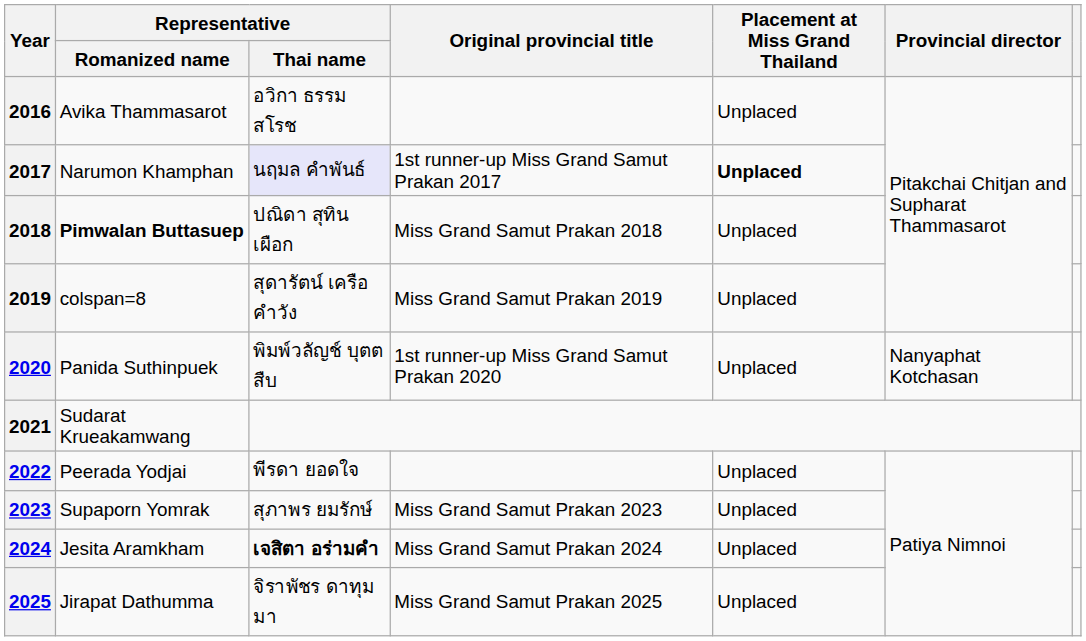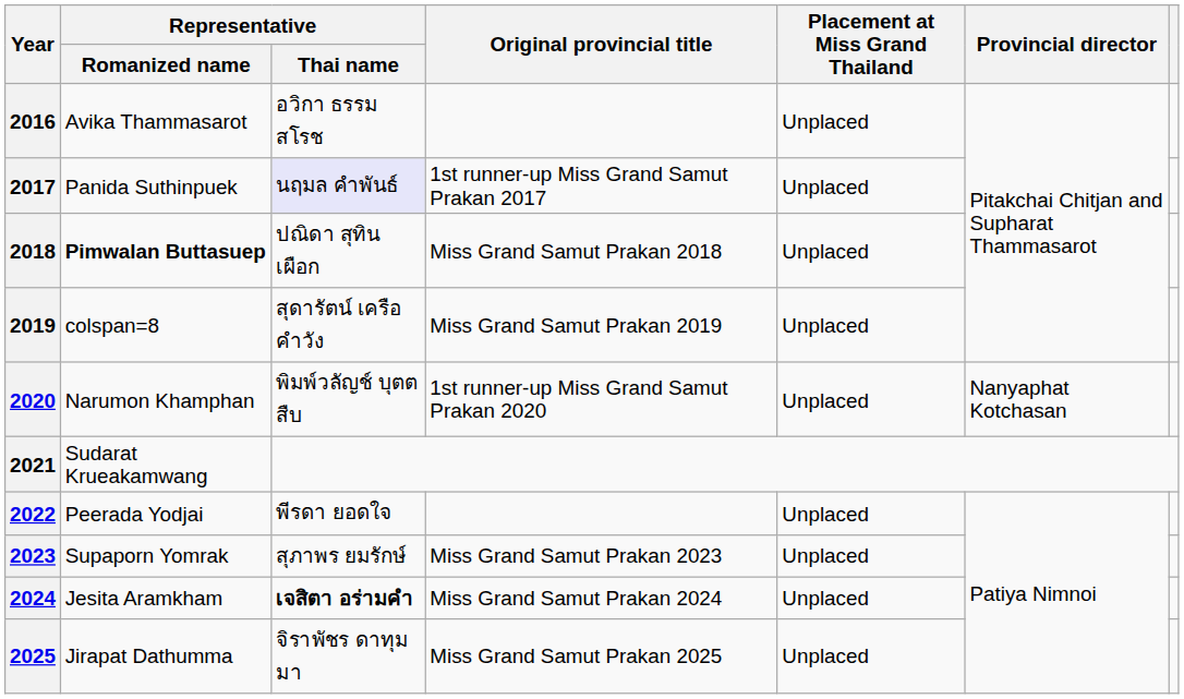 <table class="wikitable defaultcenter col2left col3left col6left" style="font-size:95%;">
 <tr>
 <th rowspan=2>Year</th>
 <th colspan=2>Representative</th>
 <th rowspan=2>Original provincial title</th>
 <th rowspan=2>Placement at<br>Miss Grand Thailand</th>
 <th rowspan=2>Provincial director</th>
 <th rowspan=2></th>
 </tr>
 <tr>
 <th>Romanized name</th>
 <th>Thai name</th>
 </tr>
 <tr>
 <th>2016</th>
 <td>Avika Thammasarot</td>
 <td>อวิกา ธรรมสโรช</td>
 <td></td>
 <td>Unplaced</td>
 <td rowspan=4>Pitakchai Chitjan and <br>Supharat Thammasarot</td>
 <td></td>
 </tr>
 <tr>
 <th>2017</th>
-<td>Narumon Khamphan</td>
+<td>Panida Suthinpuek</td>
 <td style="background: lavender;">นฤมล คำพันธ์</td>
 <td>1st runner-up Miss Grand Samut Prakan 2017</td>
-<td><strong>Unplaced</strong></td>
+<td>Unplaced</td>
 <td></td>
 </tr>
 <tr>
 <th>2018</th>
 <td><strong>Pimwalan Buttasuep</strong></td>
 <td>ปณิดา สุทินเผือก</td>
 <td>Miss Grand Samut Prakan 2018</td>
 <td>Unplaced</td>
 <td></td>
 </tr>
 <tr>
 <th>2019</th>
 <td>colspan=8 </td>
 <td>สุดารัตน์ เครือคำวัง</td>
 <td>Miss Grand Samut Prakan 2019</td>
 <td>Unplaced</td>
 <td></td>
 </tr>
 <tr>
 <th><a href='#'>2020</a></th>
-<td>Panida Suthinpuek</td>
+<td>Narumon Khamphan</td>
 <td>พิมพ์วลัญช์ บุตตสืบ</td>
 <td>1st runner-up Miss Grand Samut Prakan 2020</td>
 <td>Unplaced</td>
 <td>Nanyaphat Kotchasan</td>
 <td></td>
 </tr>
 <tr>
 <th>2021</th>
 <td>Sudarat Krueakamwang</td>
 </tr>
 <tr>
 <th><a href='#'>2022</a></th>
 <td>Peerada Yodjai</td>
 <td>พีรดา ยอดใจ</td>
 <td></td>
 <td>Unplaced</td>
 <td rowspan=4>Patiya Nimnoi</td>
 <td></td>
 </tr>
 <tr>
 <th><a href='#'>2023</a></th>
 <td>Supaporn Yomrak</td>
 <td>สุภาพร ยมรักษ์</td>
 <td>Miss Grand Samut Prakan 2023</td>
 <td>Unplaced</td>
 <td></td>
 </tr>
 <tr>
 <th><a href='#'>2024</a></th>
 <td>Jesita Aramkham</td>
 <td><strong>เจสิตา อร่ามคำ</strong></td>
 <td>Miss Grand Samut Prakan 2024</td>
 <td>Unplaced</td>
 <td></td>
 </tr>
 <tr>
 <th><a href='#'>2025</a></th>
 <td>Jirapat Dathumma</td>
 <td>จิราพัชร ดาทุมมา</td>
 <td>Miss Grand Samut Prakan 2025</td>
 <td>Unplaced</td>
 <td></td>
 </tr>
 </table>
